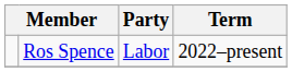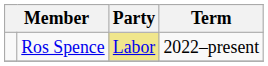 <table class="wikitable">
 <tr>
 <th colspan="2">Member</th>
 <th>Party</th>
 <th>Term</th>
 </tr>
 <tr>
 <td> </td>
 <td><a href='#'>Ros Spence</a></td>
-<td><a href='#'>Labor</a></td>
+<td style="background: khaki;"><a href='#'>Labor</a></td>
 <td>2022–present</td>
 </tr>
 <tr>
 </tr>
 </table>
